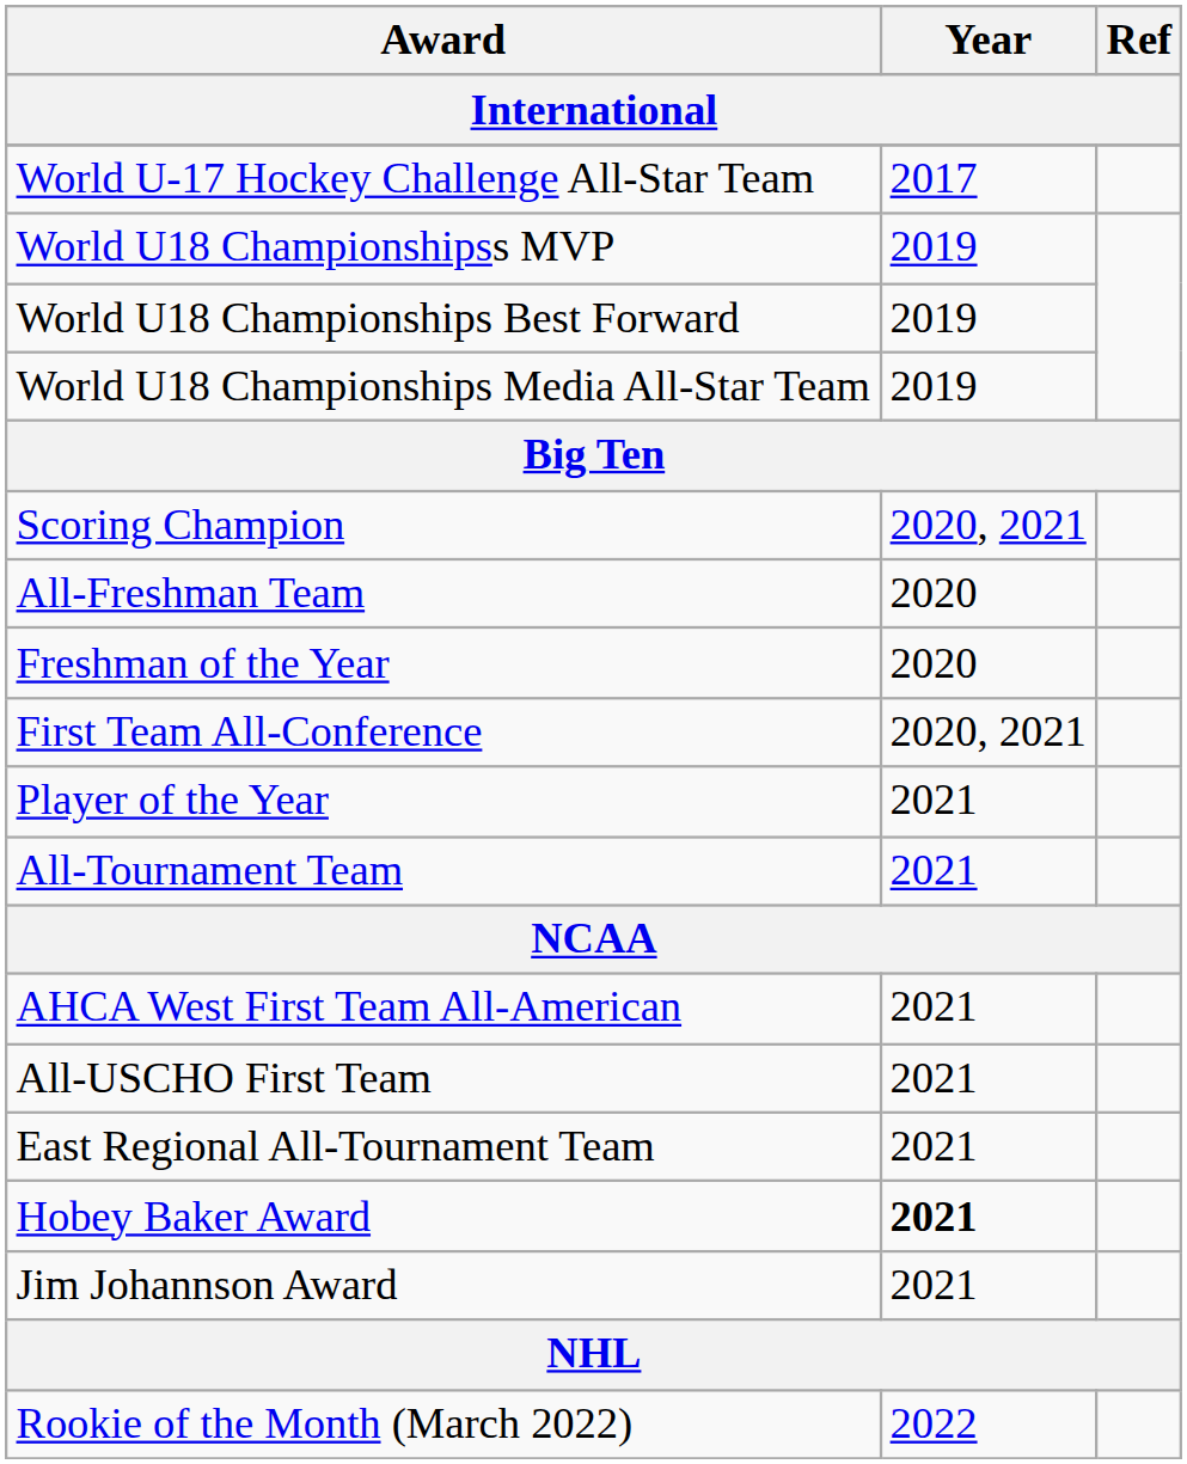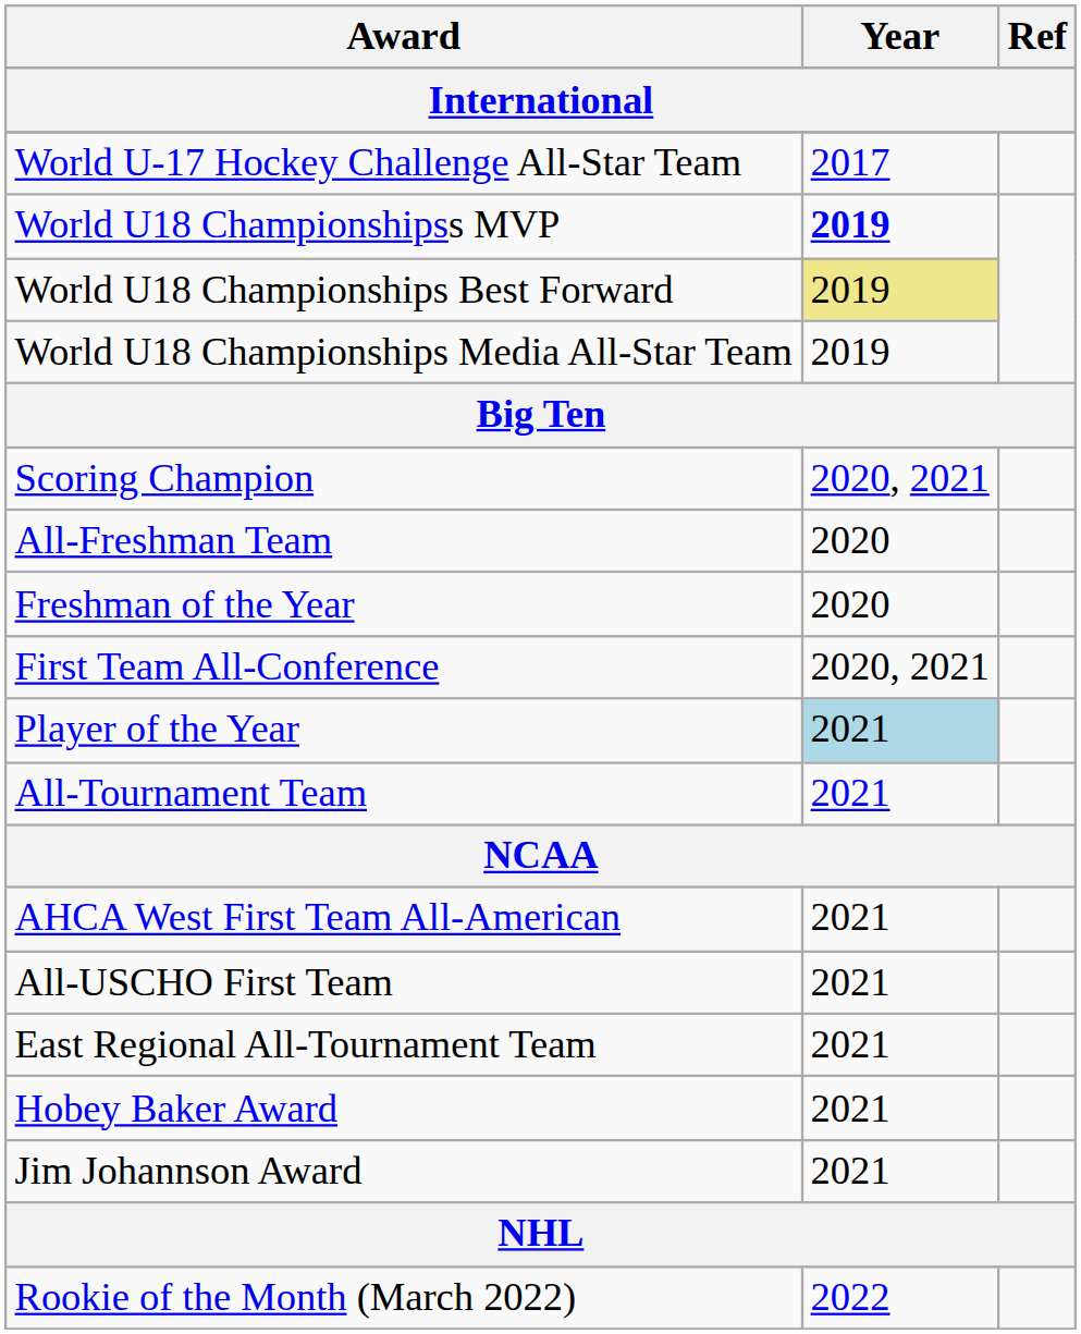 <table class="wikitable">
 <tr>
 <th>Award</th>
 <th>Year</th>
 <th>Ref</th>
 </tr>
 <tr>
 </tr>
 <tr>
 <th colspan="3"><a href='#'>International</a></th>
 </tr>
 <tr>
 </tr>
 <tr>
 <td><a href='#'>World U-17 Hockey Challenge</a> All-Star Team</td>
 <td><a href='#'>2017</a></td>
 <td></td>
 </tr>
 <tr>
 <td><a href='#'>World U18 Championships</a>s MVP</td>
-<td><a href='#'>2019</a></td>
+<td><strong><a href='#'>2019</a></strong></td>
 <td rowspan="3"></td>
 </tr>
 <tr>
 <td>World U18 Championships Best Forward</td>
-<td>2019</td>
+<td style="background: khaki;">2019</td>
 </tr>
 <tr>
 <td>World U18 Championships Media All-Star Team</td>
 <td>2019</td>
 </tr>
 <tr>
 <th colspan="3"><a href='#'>Big Ten</a></th>
 </tr>
 <tr>
 <td><a href='#'>Scoring Champion</a></td>
 <td><a href='#'>2020</a>, <a href='#'>2021</a></td>
 <td></td>
 </tr>
 <tr>
 <td><a href='#'>All-Freshman Team</a></td>
 <td>2020</td>
 <td></td>
 </tr>
 <tr>
 <td><a href='#'>Freshman of the Year</a></td>
 <td>2020</td>
 <td></td>
 </tr>
 <tr>
 <td><a href='#'>First Team All-Conference</a></td>
 <td>2020, 2021</td>
 <td></td>
 </tr>
 <tr>
 <td><a href='#'>Player of the Year</a></td>
-<td>2021</td>
+<td style="background: lightblue;">2021</td>
 <td></td>
 </tr>
 <tr>
 <td><a href='#'>All-Tournament Team</a></td>
 <td><a href='#'>2021</a></td>
 <td></td>
 </tr>
 <tr>
 <th colspan="3"><a href='#'>NCAA</a></th>
 </tr>
 <tr>
 <td><a href='#'>AHCA West First Team All-American</a></td>
 <td>2021</td>
 <td></td>
 </tr>
 <tr>
 <td>All-USCHO First Team</td>
 <td>2021</td>
 <td></td>
 </tr>
 <tr>
 <td>East Regional All-Tournament Team</td>
 <td>2021</td>
 <td></td>
 </tr>
 <tr>
 <td><a href='#'>Hobey Baker Award</a></td>
-<td><strong>2021</strong></td>
+<td>2021</td>
 <td></td>
 </tr>
 <tr>
 <td>Jim Johannson Award</td>
 <td>2021</td>
 <td></td>
 </tr>
 <tr>
 <th colspan="3"><a href='#'>NHL</a></th>
 </tr>
 <tr>
 <td><a href='#'>Rookie of the Month</a> (March 2022)</td>
 <td><a href='#'>2022</a></td>
 <td></td>
 </tr>
 </table>
